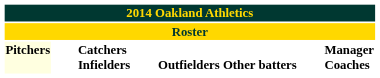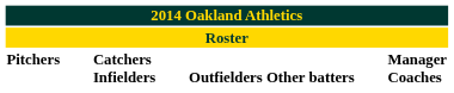 <table class="toccolours" style="font-size: 95%;">
 <tr>
 <th colspan="10" style="background:#003831; color:#ffd800; text-align:center;">2014 Oakland Athletics</th>
 </tr>
 <tr>
 <td colspan="10" style="background:#ffd800; color:#003831; text-align:center;"><strong>Roster</strong></td>
 </tr>
 <tr>
-<td valign="top" style="background: lightyellow;"><strong>Pitchers</strong><br>                     </td>
+<td valign="top"><strong>Pitchers</strong><br>                     </td>
 <td style="width:25px;"></td>
 <td valign="top"><strong>Catchers</strong><br>   <strong>Infielders</strong>           </td>
 <td style="width:25px;"></td>
 <td valign="top"><br><strong>Outfielders</strong>        <strong>Other batters</strong>  </td>
 <td style="width:25px;"></td>
 <td valign="top"><strong>Manager</strong><br> <strong>Coaches</strong>              </td>
 </tr>
 </table>
